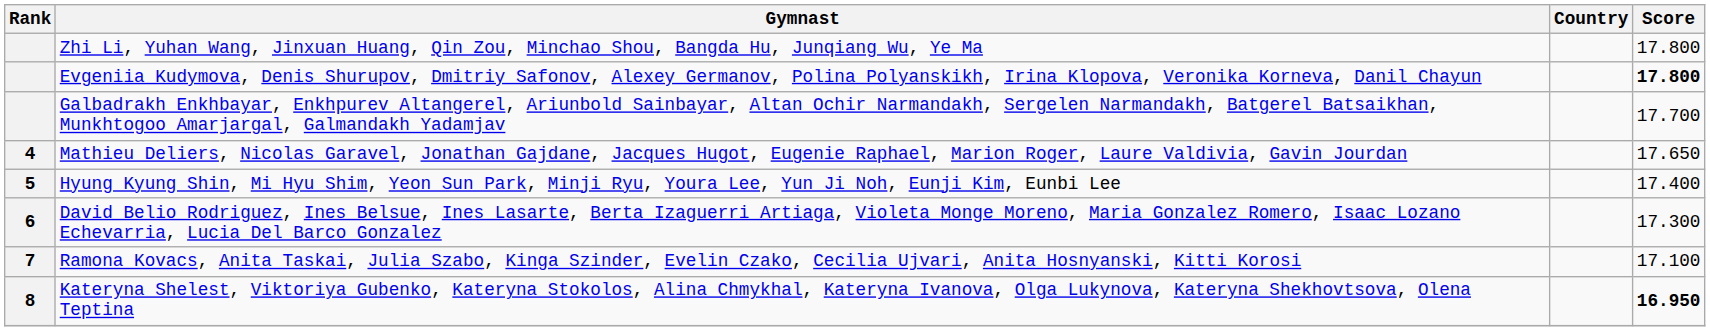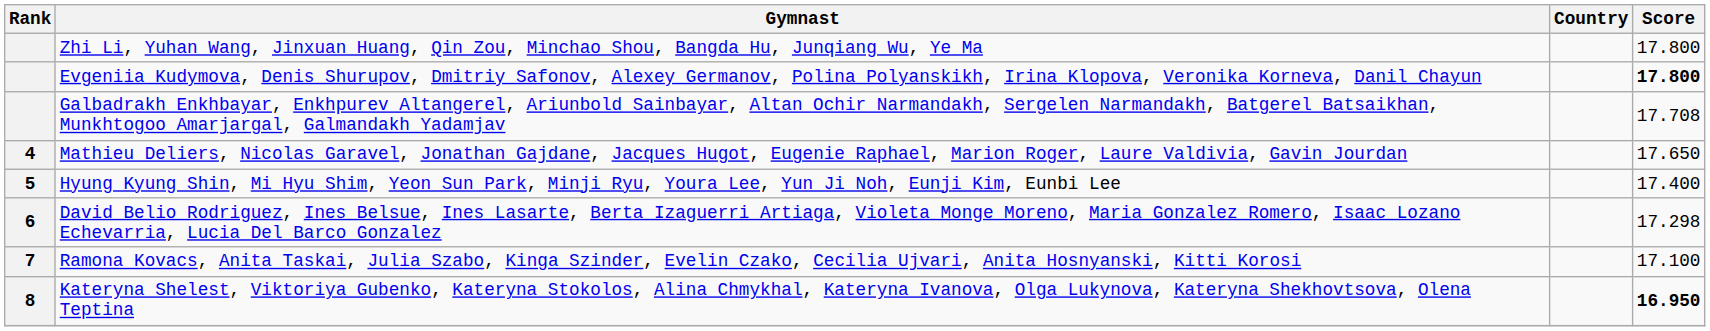 <table class="wikitable sortable">
 <tr>
 <th>Rank</th>
 <th>Gymnast</th>
 <th>Country</th>
 <th>Score</th>
 </tr>
 <tr>
 <th></th>
 <td><a href='#'>Zhi Li</a>, <a href='#'>Yuhan Wang</a>, <a href='#'>Jinxuan Huang</a>, <a href='#'>Qin Zou</a>, <a href='#'>Minchao Shou</a>, <a href='#'>Bangda Hu</a>, <a href='#'>Junqiang Wu</a>, <a href='#'>Ye Ma</a></td>
 <td></td>
 <td>17.800</td>
 </tr>
 <tr>
 <th></th>
 <td><a href='#'>Evgeniia Kudymova</a>, <a href='#'>Denis Shurupov</a>, <a href='#'>Dmitriy Safonov</a>, <a href='#'>Alexey Germanov</a>, <a href='#'>Polina Polyanskikh</a>, <a href='#'>Irina Klopova</a>, <a href='#'>Veronika Korneva</a>, <a href='#'>Danil Chayun</a></td>
 <td></td>
 <td><strong>17.800</strong></td>
 </tr>
 <tr>
 <th></th>
 <td><a href='#'>Galbadrakh Enkhbayar</a>, <a href='#'>Enkhpurev Altangerel</a>, <a href='#'>Ariunbold Sainbayar</a>, <a href='#'>Altan Ochir Narmandakh</a>, <a href='#'>Sergelen Narmandakh</a>, <a href='#'>Batgerel Batsaikhan</a>, <a href='#'>Munkhtogoo Amarjargal</a>, <a href='#'>Galmandakh Yadamjav</a></td>
 <td></td>
-<td>17.700</td>
+<td>17.708</td>
 </tr>
 <tr>
 <th>4</th>
 <td><a href='#'>Mathieu Deliers</a>, <a href='#'>Nicolas Garavel</a>, <a href='#'>Jonathan Gajdane</a>, <a href='#'>Jacques Hugot</a>, <a href='#'>Eugenie Raphael</a>, <a href='#'>Marion Roger</a>, <a href='#'>Laure Valdivia</a>, <a href='#'>Gavin Jourdan</a></td>
 <td></td>
 <td>17.650</td>
 </tr>
 <tr>
 <th>5</th>
 <td><a href='#'>Hyung Kyung Shin</a>, <a href='#'>Mi Hyu Shim</a>, <a href='#'>Yeon Sun Park</a>, <a href='#'>Minji Ryu</a>, <a href='#'>Youra Lee</a>, <a href='#'>Yun Ji Noh</a>, <a href='#'>Eunji Kim</a>, Eunbi Lee</td>
 <td></td>
 <td>17.400</td>
 </tr>
 <tr>
 <th>6</th>
 <td><a href='#'>David Belio Rodriguez</a>, <a href='#'>Ines Belsue</a>, <a href='#'>Ines Lasarte</a>, <a href='#'>Berta Izaguerri Artiaga</a>, <a href='#'>Violeta Monge Moreno</a>, <a href='#'>Maria Gonzalez Romero</a>, <a href='#'>Isaac Lozano Echevarria</a>, <a href='#'>Lucia Del Barco Gonzalez</a></td>
 <td></td>
-<td>17.300</td>
+<td>17.298</td>
 </tr>
 <tr>
 <th>7</th>
 <td><a href='#'>Ramona Kovacs</a>, <a href='#'>Anita Taskai</a>, <a href='#'>Julia Szabo</a>, <a href='#'>Kinga Szinder</a>, <a href='#'>Evelin Czako</a>, <a href='#'>Cecilia Ujvari</a>, <a href='#'>Anita Hosnyanski</a>, <a href='#'>Kitti Korosi</a></td>
 <td></td>
 <td>17.100</td>
 </tr>
 <tr>
 <th>8</th>
 <td><a href='#'>Kateryna Shelest</a>, <a href='#'>Viktoriya Gubenko</a>, <a href='#'>Kateryna Stokolos</a>, <a href='#'>Alina Chmykhal</a>, <a href='#'>Kateryna Ivanova</a>, <a href='#'>Olga Lukynova</a>, <a href='#'>Kateryna Shekhovtsova</a>, <a href='#'>Olena Teptina</a></td>
 <td></td>
 <td><strong>16.950</strong></td>
 </tr>
 <tr>
 </tr>
 </table>
